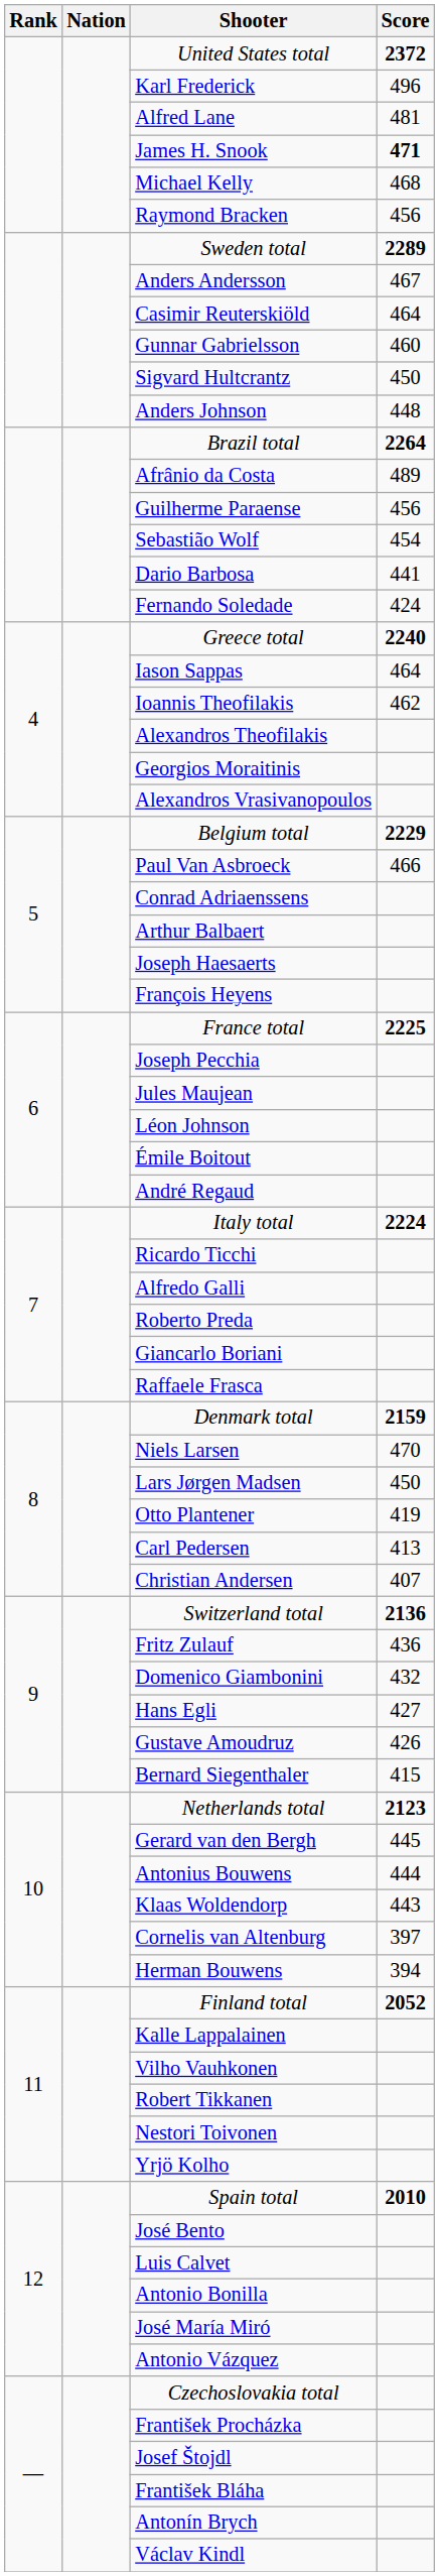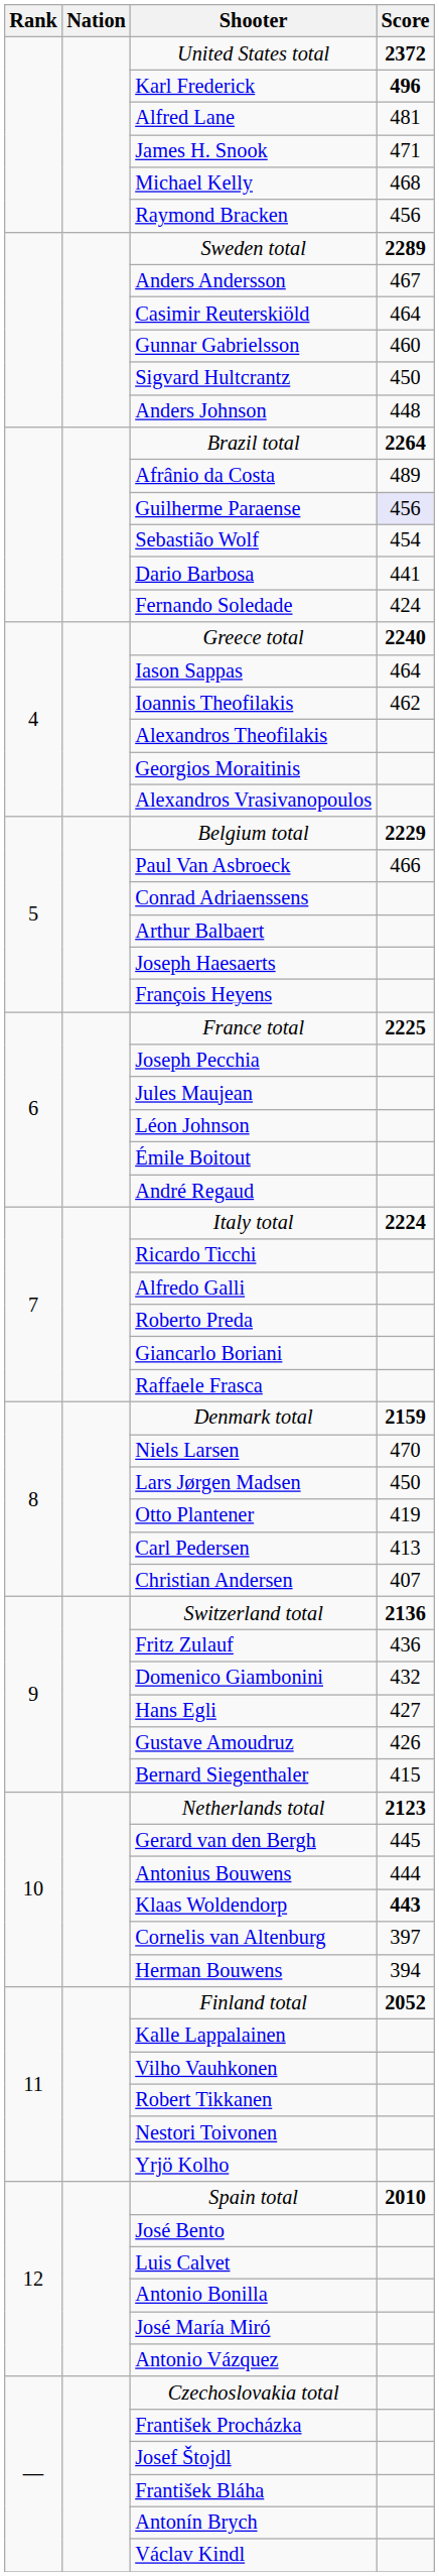 <table class=wikitable style="text-align:center">
 <tr>
 <th>Rank</th>
 <th>Nation</th>
 <th>Shooter</th>
 <th>Score</th>
 </tr>
 <tr>
 <td rowspan=6></td>
 <td rowspan=6 align=left></td>
 <td><em>United States total</em></td>
 <td><strong>2372</strong></td>
 </tr>
 <tr>
 <td align=left><a href='#'>Karl Frederick</a></td>
-<td>496</td>
+<td><strong>496</strong></td>
 </tr>
 <tr>
 <td align=left><a href='#'>Alfred Lane</a></td>
 <td>481</td>
 </tr>
 <tr>
 <td align=left><a href='#'>James H. Snook</a></td>
-<td><strong>471</strong></td>
+<td>471</td>
 </tr>
 <tr>
 <td align=left><a href='#'>Michael Kelly</a></td>
 <td>468</td>
 </tr>
 <tr>
 <td align=left><a href='#'>Raymond Bracken</a></td>
 <td>456</td>
 </tr>
 <tr>
 <td rowspan=6></td>
 <td rowspan=6 align=left></td>
 <td><em>Sweden total</em></td>
 <td><strong>2289</strong></td>
 </tr>
 <tr>
 <td align=left><a href='#'>Anders Andersson</a></td>
 <td>467</td>
 </tr>
 <tr>
 <td align=left><a href='#'>Casimir Reuterskiöld</a></td>
 <td>464</td>
 </tr>
 <tr>
 <td align=left><a href='#'>Gunnar Gabrielsson</a></td>
 <td>460</td>
 </tr>
 <tr>
 <td align=left><a href='#'>Sigvard Hultcrantz</a></td>
 <td>450</td>
 </tr>
 <tr>
 <td align=left><a href='#'>Anders Johnson</a></td>
 <td>448</td>
 </tr>
 <tr>
 <td rowspan=6></td>
 <td rowspan=6 align=left></td>
 <td><em>Brazil total</em></td>
 <td><strong>2264</strong></td>
 </tr>
 <tr>
 <td align=left><a href='#'>Afrânio da Costa</a></td>
 <td>489</td>
 </tr>
 <tr>
 <td align=left><a href='#'>Guilherme Paraense</a></td>
-<td>456</td>
+<td style="background: lavender;">456</td>
 </tr>
 <tr>
 <td align=left><a href='#'>Sebastião Wolf</a></td>
 <td>454</td>
 </tr>
 <tr>
 <td align=left><a href='#'>Dario Barbosa</a></td>
 <td>441</td>
 </tr>
 <tr>
 <td align=left><a href='#'>Fernando Soledade</a></td>
 <td>424</td>
 </tr>
 <tr>
 <td rowspan=6>4</td>
 <td rowspan=6 align=left></td>
 <td><em>Greece total</em></td>
 <td><strong>2240</strong></td>
 </tr>
 <tr>
 <td align=left><a href='#'>Iason Sappas</a></td>
 <td>464</td>
 </tr>
 <tr>
 <td align=left><a href='#'>Ioannis Theofilakis</a></td>
 <td>462</td>
 </tr>
 <tr>
 <td align=left><a href='#'>Alexandros Theofilakis</a></td>
 <td></td>
 </tr>
 <tr>
 <td align=left><a href='#'>Georgios Moraitinis</a></td>
 <td></td>
 </tr>
 <tr>
 <td align=left><a href='#'>Alexandros Vrasivanopoulos</a></td>
 <td></td>
 </tr>
 <tr>
 <td rowspan=6>5</td>
 <td rowspan=6 align=left></td>
 <td><em>Belgium total</em></td>
 <td><strong>2229</strong></td>
 </tr>
 <tr>
 <td align=left><a href='#'>Paul Van Asbroeck</a></td>
 <td>466</td>
 </tr>
 <tr>
 <td align=left><a href='#'>Conrad Adriaenssens</a></td>
 <td></td>
 </tr>
 <tr>
 <td align=left><a href='#'>Arthur Balbaert</a></td>
 <td></td>
 </tr>
 <tr>
 <td align=left><a href='#'>Joseph Haesaerts</a></td>
 <td></td>
 </tr>
 <tr>
 <td align=left><a href='#'>François Heyens</a></td>
 <td></td>
 </tr>
 <tr>
 <td rowspan=6>6</td>
 <td rowspan=6 align=left></td>
 <td><em>France total</em></td>
 <td><strong>2225</strong></td>
 </tr>
 <tr>
 <td align=left><a href='#'>Joseph Pecchia</a></td>
 <td></td>
 </tr>
 <tr>
 <td align=left><a href='#'>Jules Maujean</a></td>
 <td></td>
 </tr>
 <tr>
 <td align=left><a href='#'>Léon Johnson</a></td>
 <td></td>
 </tr>
 <tr>
 <td align=left><a href='#'>Émile Boitout</a></td>
 <td></td>
 </tr>
 <tr>
 <td align=left><a href='#'>André Regaud</a></td>
 <td></td>
 </tr>
 <tr>
 <td rowspan=6>7</td>
 <td rowspan=6 align=left></td>
 <td><em>Italy total</em></td>
 <td><strong>2224</strong></td>
 </tr>
 <tr>
 <td align=left><a href='#'>Ricardo Ticchi</a></td>
 <td></td>
 </tr>
 <tr>
 <td align=left><a href='#'>Alfredo Galli</a></td>
 <td></td>
 </tr>
 <tr>
 <td align=left><a href='#'>Roberto Preda</a></td>
 <td></td>
 </tr>
 <tr>
 <td align=left><a href='#'>Giancarlo Boriani</a></td>
 <td></td>
 </tr>
 <tr>
 <td align=left><a href='#'>Raffaele Frasca</a></td>
 <td></td>
 </tr>
 <tr>
 <td rowspan=6>8</td>
 <td rowspan=6 align=left></td>
 <td><em>Denmark total</em></td>
 <td><strong>2159</strong></td>
 </tr>
 <tr>
 <td align=left><a href='#'>Niels Larsen</a></td>
 <td>470</td>
 </tr>
 <tr>
 <td align=left><a href='#'>Lars Jørgen Madsen</a></td>
 <td>450</td>
 </tr>
 <tr>
 <td align=left><a href='#'>Otto Plantener</a></td>
 <td>419</td>
 </tr>
 <tr>
 <td align=left><a href='#'>Carl Pedersen</a></td>
 <td>413</td>
 </tr>
 <tr>
 <td align=left><a href='#'>Christian Andersen</a></td>
 <td>407</td>
 </tr>
 <tr>
 <td rowspan=6>9</td>
 <td rowspan=6 align=left></td>
 <td><em>Switzerland total</em></td>
 <td><strong>2136</strong></td>
 </tr>
 <tr>
 <td align=left><a href='#'>Fritz Zulauf</a></td>
 <td>436</td>
 </tr>
 <tr>
 <td align=left><a href='#'>Domenico Giambonini</a></td>
 <td>432</td>
 </tr>
 <tr>
 <td align=left><a href='#'>Hans Egli</a></td>
 <td>427</td>
 </tr>
 <tr>
 <td align=left><a href='#'>Gustave Amoudruz</a></td>
 <td>426</td>
 </tr>
 <tr>
 <td align=left><a href='#'>Bernard Siegenthaler</a></td>
 <td>415</td>
 </tr>
 <tr>
 <td rowspan=6>10</td>
 <td rowspan=6 align=left></td>
 <td><em>Netherlands total</em></td>
 <td><strong>2123</strong></td>
 </tr>
 <tr>
 <td align=left><a href='#'>Gerard van den Bergh</a></td>
 <td>445</td>
 </tr>
 <tr>
 <td align=left><a href='#'>Antonius Bouwens</a></td>
 <td>444</td>
 </tr>
 <tr>
 <td align=left><a href='#'>Klaas Woldendorp</a></td>
-<td>443</td>
+<td><strong>443</strong></td>
 </tr>
 <tr>
 <td align=left><a href='#'>Cornelis van Altenburg</a></td>
 <td>397</td>
 </tr>
 <tr>
 <td align=left><a href='#'>Herman Bouwens</a></td>
 <td>394</td>
 </tr>
 <tr>
 <td rowspan=6>11</td>
 <td rowspan=6 align=left></td>
 <td><em>Finland total</em></td>
 <td><strong>2052</strong></td>
 </tr>
 <tr>
 <td align=left><a href='#'>Kalle Lappalainen</a></td>
 <td></td>
 </tr>
 <tr>
 <td align=left><a href='#'>Vilho Vauhkonen</a></td>
 <td></td>
 </tr>
 <tr>
 <td align=left><a href='#'>Robert Tikkanen</a></td>
 <td></td>
 </tr>
 <tr>
 <td align=left><a href='#'>Nestori Toivonen</a></td>
 <td></td>
 </tr>
 <tr>
 <td align=left><a href='#'>Yrjö Kolho</a></td>
 <td></td>
 </tr>
 <tr>
 <td rowspan=6>12</td>
 <td rowspan=6 align=left></td>
 <td><em>Spain total</em></td>
 <td><strong>2010</strong></td>
 </tr>
 <tr>
 <td align=left><a href='#'>José Bento</a></td>
 <td></td>
 </tr>
 <tr>
 <td align=left><a href='#'>Luis Calvet</a></td>
 <td></td>
 </tr>
 <tr>
 <td align=left><a href='#'>Antonio Bonilla</a></td>
 <td></td>
 </tr>
 <tr>
 <td align=left><a href='#'>José María Miró</a></td>
 <td></td>
 </tr>
 <tr>
 <td align=left><a href='#'>Antonio Vázquez</a></td>
 <td></td>
 </tr>
 <tr>
 <td rowspan=6 data-sort-value=13>—</td>
 <td rowspan=6 align=left></td>
 <td><em>Czechoslovakia total</em></td>
 <td></td>
 </tr>
 <tr>
 <td align=left><a href='#'>František Procházka</a></td>
 <td></td>
 </tr>
 <tr>
 <td align=left><a href='#'>Josef Štojdl</a></td>
 <td></td>
 </tr>
 <tr>
 <td align=left><a href='#'>František Bláha</a></td>
 <td></td>
 </tr>
 <tr>
 <td align=left><a href='#'>Antonín Brych</a></td>
 <td></td>
 </tr>
 <tr>
 <td align=left><a href='#'>Václav Kindl</a></td>
 <td></td>
 </tr>
 </table>
